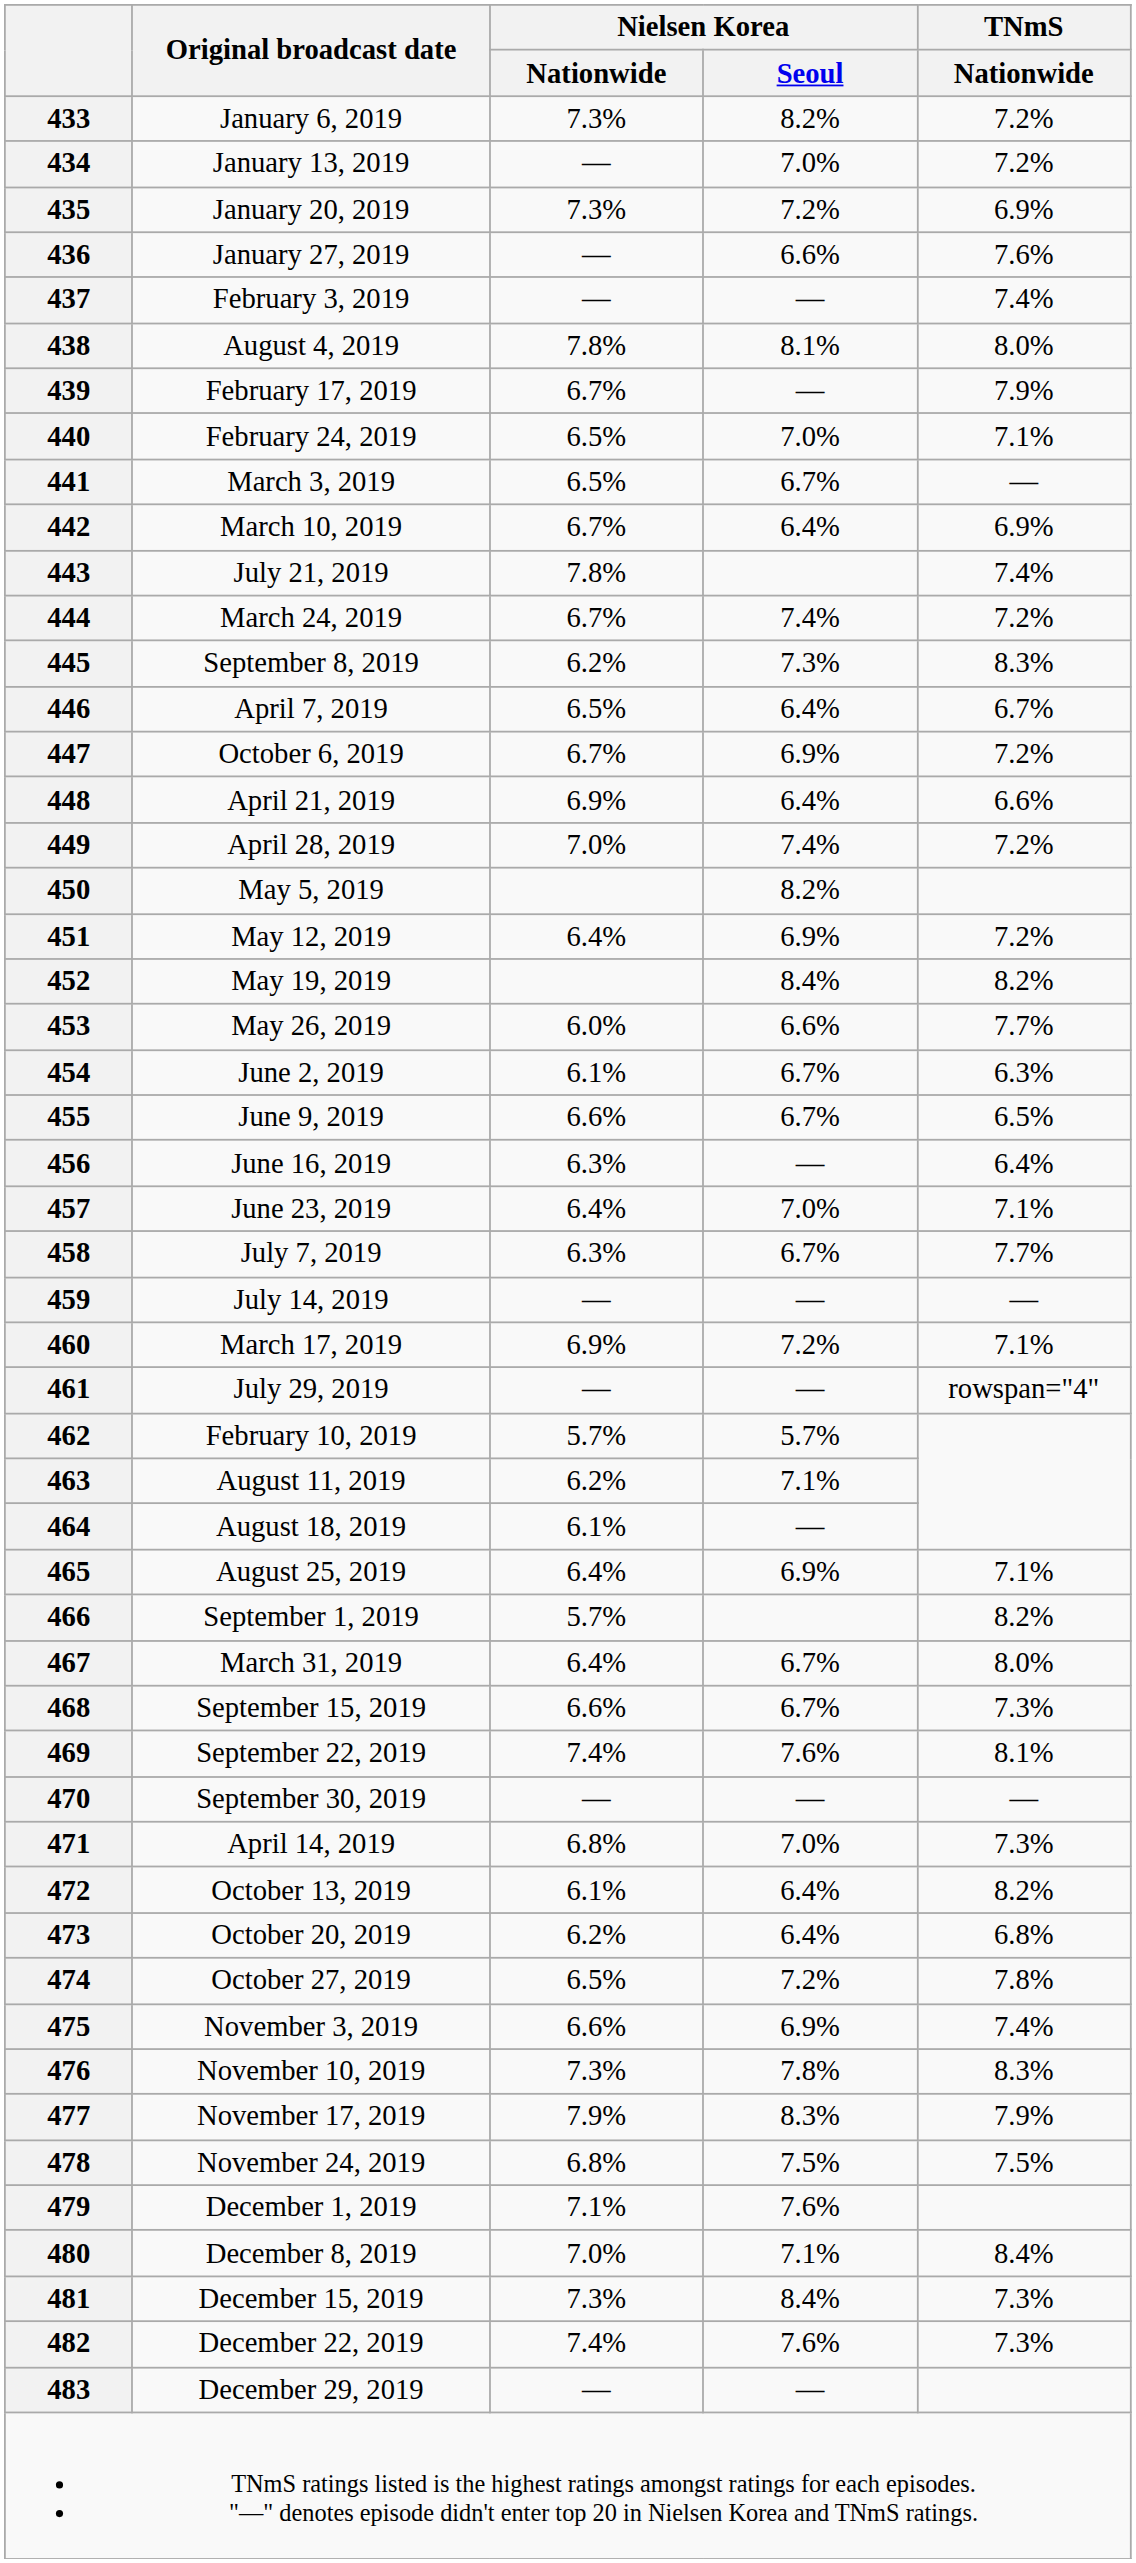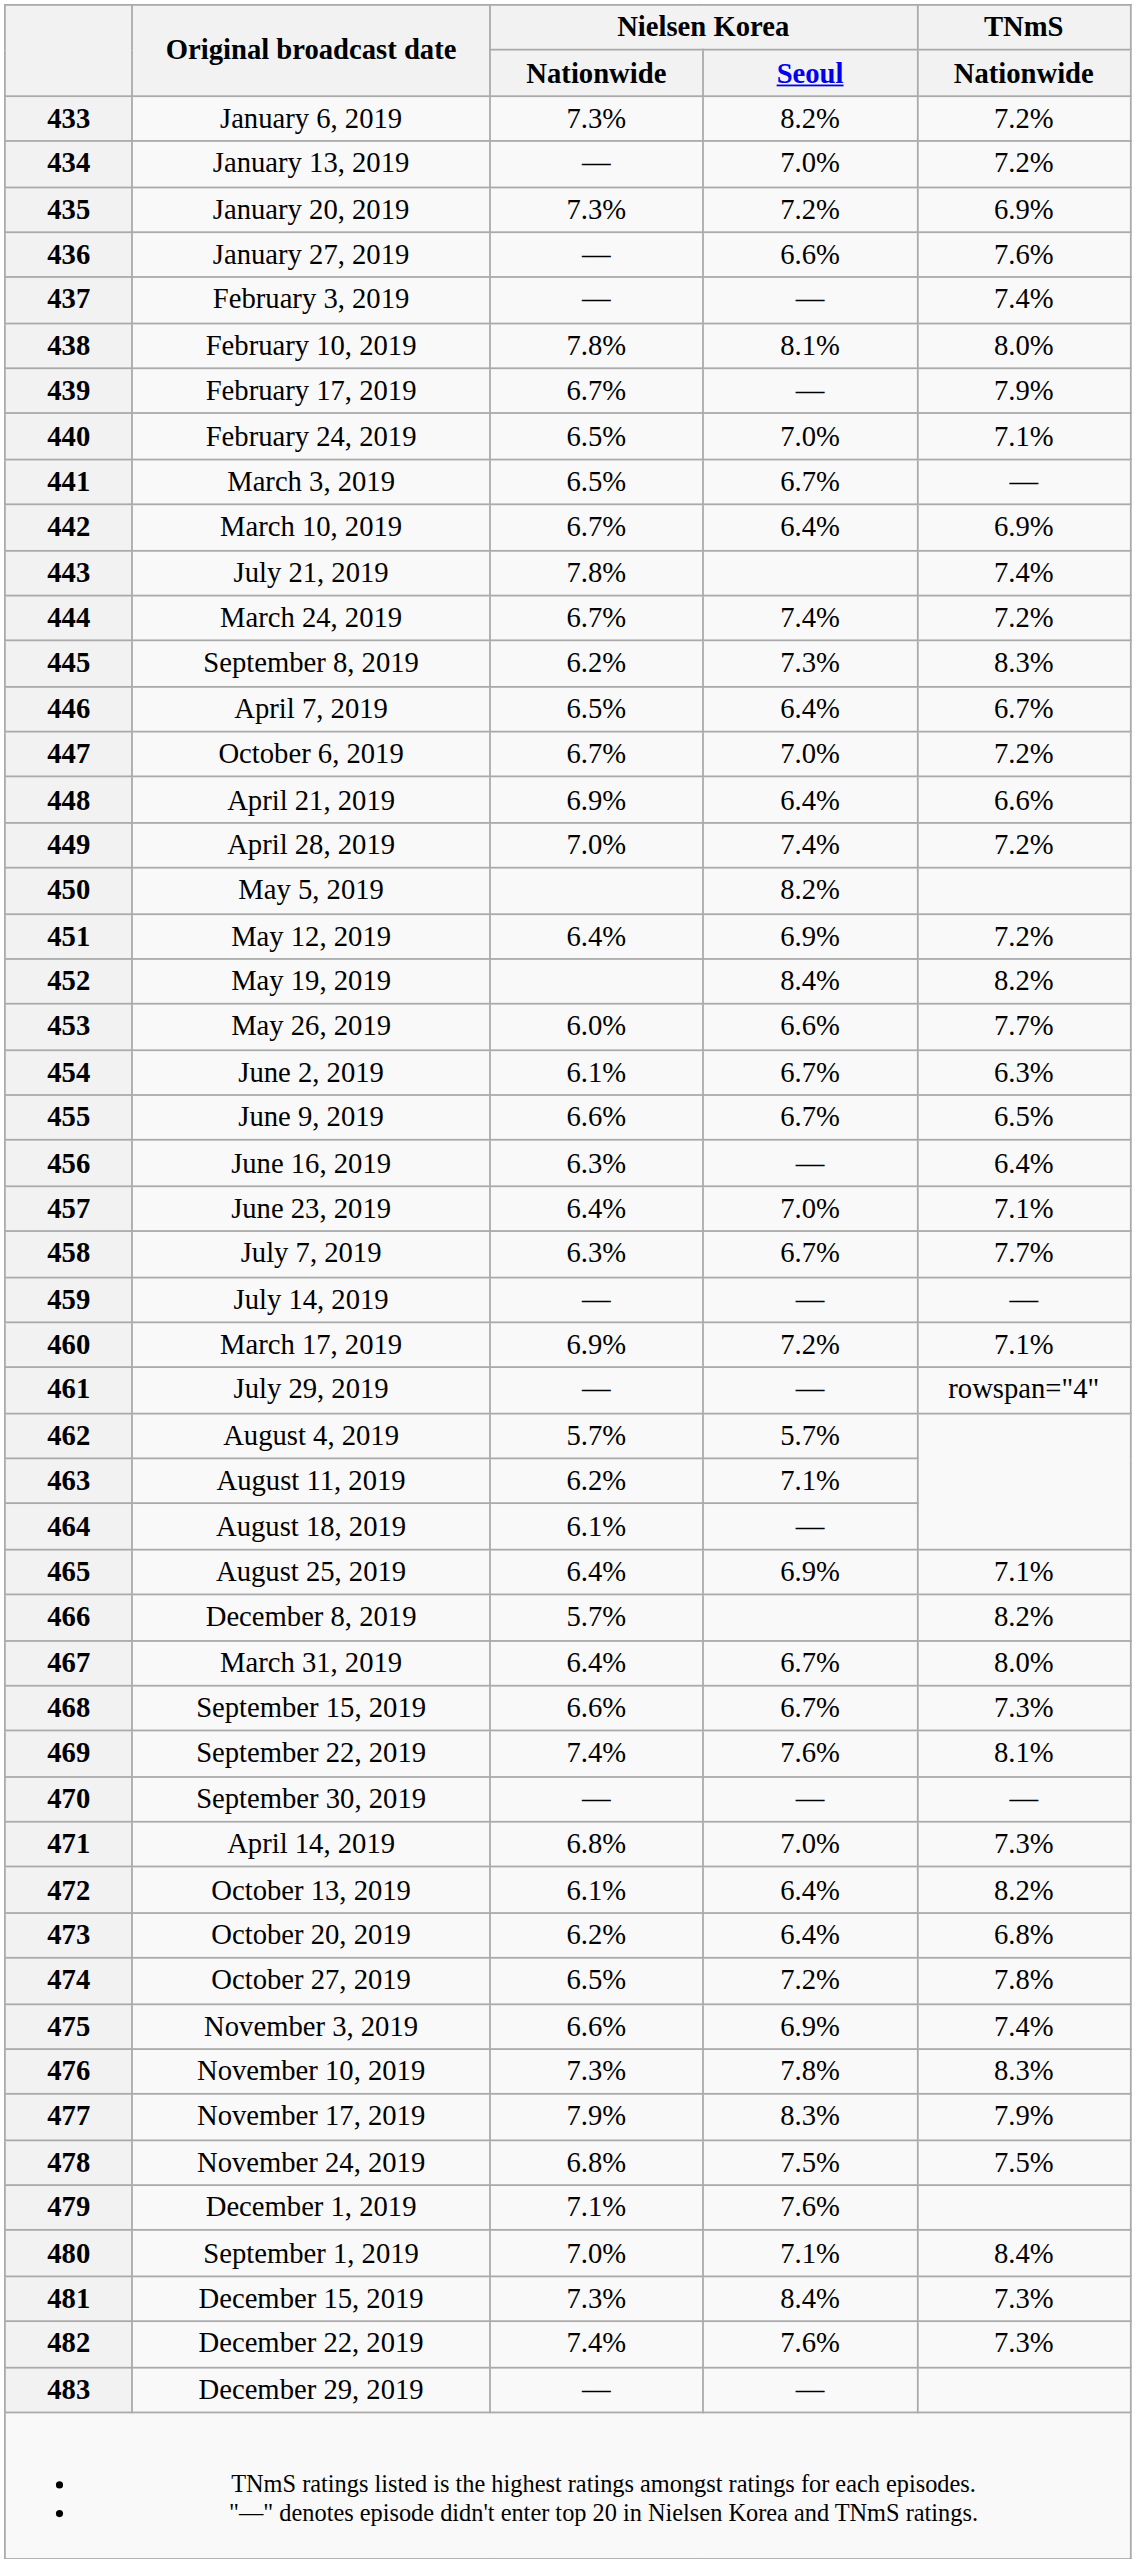 <table class="wikitable sortable" style="text-align:center">
 <tr>
 <th scope="col" rowspan="2" style="width:4em"></th>
 <th scope="col" rowspan="2" style="width:12em">Original broadcast date</th>
 <th scope="col" colspan="2">Nielsen Korea</th>
 <th scope="col">TNmS</th>
 </tr>
 <tr>
 <th scope="col" style="width:7em">Nationwide</th>
 <th scope="col" style="width:7em"><a href='#'>Seoul</a></th>
 <th scope="col" style="width:7em">Nationwide</th>
 </tr>
 <tr>
 <th scope="col">433</th>
 <td>January 6, 2019</td>
 <td>7.3% </td>
 <td>8.2% </td>
 <td>7.2% </td>
 </tr>
 <tr>
 <th scope="col">434</th>
 <td>January 13, 2019</td>
 <td>—</td>
 <td>7.0% </td>
 <td>7.2% </td>
 </tr>
 <tr>
 <th scope="col">435</th>
 <td>January 20, 2019</td>
 <td>7.3% </td>
 <td>7.2% </td>
 <td>6.9% </td>
 </tr>
 <tr>
 <th scope="col">436</th>
 <td>January 27, 2019</td>
 <td>—</td>
 <td>6.6% </td>
 <td>7.6% </td>
 </tr>
 <tr>
 <th scope="col">437</th>
 <td>February 3, 2019</td>
 <td>—</td>
 <td>—</td>
 <td>7.4% </td>
 </tr>
 <tr>
 <th scope="col">438</th>
-<td>August 4, 2019</td>
+<td>February 10, 2019</td>
 <td>7.8% </td>
 <td>8.1% </td>
 <td>8.0% </td>
 </tr>
 <tr>
 <th scope="col">439</th>
 <td>February 17, 2019</td>
 <td>6.7% </td>
 <td>—</td>
 <td>7.9% </td>
 </tr>
 <tr>
 <th scope="col">440</th>
 <td>February 24, 2019</td>
 <td>6.5% </td>
 <td>7.0% </td>
 <td>7.1% </td>
 </tr>
 <tr>
 <th scope="col">441</th>
 <td>March 3, 2019</td>
 <td>6.5% </td>
 <td>6.7% </td>
 <td>—</td>
 </tr>
 <tr>
 <th scope="col">442</th>
 <td>March 10, 2019</td>
 <td>6.7% </td>
 <td>6.4% </td>
 <td>6.9% </td>
 </tr>
 <tr>
 <th scope="col">443</th>
 <td>July 21, 2019</td>
 <td>7.8% </td>
 <td><strong></strong> </td>
 <td>7.4% </td>
 </tr>
 <tr>
 <th scope="col">444</th>
 <td>March 24, 2019</td>
 <td>6.7% </td>
 <td>7.4% </td>
 <td>7.2% </td>
 </tr>
 <tr>
 <th scope="col">445</th>
 <td>September 8, 2019</td>
 <td>6.2% </td>
 <td>7.3% </td>
 <td>8.3% </td>
 </tr>
 <tr>
 <th scope="col">446</th>
 <td>April 7, 2019</td>
 <td>6.5% </td>
 <td>6.4% </td>
 <td>6.7% </td>
 </tr>
 <tr>
 <th scope="col">447</th>
 <td>October 6, 2019</td>
 <td>6.7% </td>
-<td>6.9% </td>
+<td>7.0% </td>
 <td>7.2% </td>
 </tr>
 <tr>
 <th scope="col">448</th>
 <td>April 21, 2019</td>
 <td>6.9% </td>
 <td>6.4% </td>
 <td>6.6% </td>
 </tr>
 <tr>
 <th scope="col">449</th>
 <td>April 28, 2019</td>
 <td>7.0% </td>
 <td>7.4% </td>
 <td>7.2% </td>
 </tr>
 <tr>
 <th scope="col">450</th>
 <td>May 5, 2019</td>
 <td><strong></strong> </td>
 <td>8.2% </td>
 <td><strong></strong> </td>
 </tr>
 <tr>
 <th scope="col">451</th>
 <td>May 12, 2019</td>
 <td>6.4% </td>
 <td>6.9% </td>
 <td>7.2% </td>
 </tr>
 <tr>
 <th scope="col">452</th>
 <td>May 19, 2019</td>
 <td><strong></strong> </td>
 <td>8.4% </td>
 <td>8.2% </td>
 </tr>
 <tr>
 <th scope="col">453</th>
 <td>May 26, 2019</td>
 <td>6.0% </td>
 <td>6.6% </td>
 <td>7.7% </td>
 </tr>
 <tr>
 <th scope="col">454</th>
 <td>June 2, 2019</td>
 <td>6.1% </td>
 <td>6.7% </td>
 <td>6.3% </td>
 </tr>
 <tr>
 <th scope="col">455</th>
 <td>June 9, 2019</td>
 <td>6.6% </td>
 <td>6.7% </td>
 <td>6.5% </td>
 </tr>
 <tr>
 <th scope="col">456</th>
 <td>June 16, 2019</td>
 <td>6.3% </td>
 <td>—</td>
 <td>6.4% </td>
 </tr>
 <tr>
 <th scope="col">457</th>
 <td>June 23, 2019</td>
 <td>6.4% </td>
 <td>7.0% </td>
 <td>7.1% </td>
 </tr>
 <tr>
 <th scope="col">458</th>
 <td>July 7, 2019</td>
 <td>6.3% </td>
 <td>6.7% </td>
 <td>7.7% </td>
 </tr>
 <tr>
 <th scope="col">459</th>
 <td>July 14, 2019</td>
 <td>—</td>
 <td>—</td>
 <td>—</td>
 </tr>
 <tr>
 <th scope="col">460</th>
 <td>March 17, 2019</td>
 <td>6.9% </td>
 <td>7.2% </td>
 <td>7.1%</td>
 </tr>
 <tr>
 <th scope="col">461</th>
 <td>July 29, 2019</td>
 <td>—</td>
 <td>—</td>
 <td>rowspan="4" </td>
 </tr>
 <tr>
 <th scope="col">462</th>
-<td>February 10, 2019</td>
+<td>August 4, 2019</td>
 <td>5.7% </td>
 <td>5.7% </td>
 </tr>
 <tr>
 <th scope="col">463</th>
 <td>August 11, 2019</td>
 <td>6.2% </td>
 <td>7.1% </td>
 </tr>
 <tr>
 <th scope="col">464</th>
 <td>August 18, 2019</td>
 <td>6.1% </td>
 <td>—</td>
 </tr>
 <tr>
 <th scope="col">465</th>
 <td>August 25, 2019</td>
 <td>6.4% </td>
 <td>6.9% </td>
 <td>7.1% </td>
 </tr>
 <tr>
 <th scope="col">466</th>
-<td>September 1, 2019</td>
+<td>December 8, 2019</td>
 <td>5.7% </td>
 <td><strong></strong> </td>
 <td>8.2% </td>
 </tr>
 <tr>
 <th scope="col">467</th>
 <td>March 31, 2019</td>
 <td>6.4% </td>
 <td>6.7% </td>
 <td>8.0% </td>
 </tr>
 <tr>
 <th scope="col">468</th>
 <td>September 15, 2019</td>
 <td>6.6% </td>
 <td>6.7% </td>
 <td>7.3% </td>
 </tr>
 <tr>
 <th scope="col">469</th>
 <td>September 22, 2019</td>
 <td>7.4% </td>
 <td>7.6% </td>
 <td>8.1% </td>
 </tr>
 <tr>
 <th scope="col">470</th>
 <td>September 30, 2019</td>
 <td>—</td>
 <td>—</td>
 <td>—</td>
 </tr>
 <tr>
 <th scope="col">471</th>
 <td>April 14, 2019</td>
 <td>6.8% </td>
 <td>7.0% </td>
 <td>7.3% </td>
 </tr>
 <tr>
 <th scope="col">472</th>
 <td>October 13, 2019</td>
 <td>6.1% </td>
 <td>6.4% </td>
 <td>8.2% </td>
 </tr>
 <tr>
 <th scope="col">473</th>
 <td>October 20, 2019</td>
 <td>6.2% </td>
 <td>6.4% </td>
 <td>6.8% </td>
 </tr>
 <tr>
 <th scope="col">474</th>
 <td>October 27, 2019</td>
 <td>6.5% </td>
 <td>7.2% </td>
 <td>7.8% </td>
 </tr>
 <tr>
 <th scope="col">475</th>
 <td>November 3, 2019</td>
 <td>6.6% </td>
 <td>6.9% </td>
 <td>7.4% </td>
 </tr>
 <tr>
 <th scope="col">476</th>
 <td>November 10, 2019</td>
 <td>7.3% </td>
 <td>7.8% </td>
 <td>8.3% </td>
 </tr>
 <tr>
 <th scope="col">477</th>
 <td>November 17, 2019</td>
 <td>7.9% </td>
 <td>8.3% </td>
 <td>7.9% </td>
 </tr>
 <tr>
 <th scope="col">478</th>
 <td>November 24, 2019</td>
 <td>6.8% </td>
 <td>7.5% </td>
 <td>7.5% </td>
 </tr>
 <tr>
 <th scope="col">479</th>
 <td>December 1, 2019</td>
 <td>7.1% </td>
 <td>7.6% </td>
 <td><strong></strong> </td>
 </tr>
 <tr>
 <th scope="col">480</th>
-<td>December 8, 2019</td>
+<td>September 1, 2019</td>
 <td>7.0% </td>
 <td>7.1% </td>
 <td>8.4% </td>
 </tr>
 <tr>
 <th scope="col">481</th>
 <td>December 15, 2019</td>
 <td>7.3% </td>
 <td>8.4% </td>
 <td>7.3% </td>
 </tr>
 <tr>
 <th scope="col">482</th>
 <td>December 22, 2019</td>
 <td>7.4% </td>
 <td>7.6% </td>
 <td>7.3% </td>
 </tr>
 <tr>
 <th scope="col">483</th>
 <td>December 29, 2019</td>
 <td>—</td>
 <td>—</td>
 <td></td>
 </tr>
 <tr>
 <td colspan="5" style="font-size:85%; text-center:left"><br><ul><li>TNmS ratings listed is the highest ratings amongst ratings for each episodes.</li><li>"—" denotes episode didn't enter top 20 in Nielsen Korea and TNmS ratings.</li></ul></td>
 </tr>
 <tr>
 </tr>
 </table>
